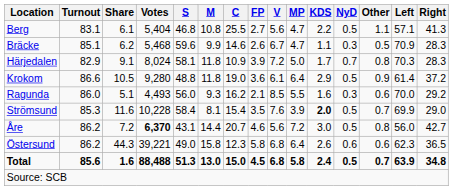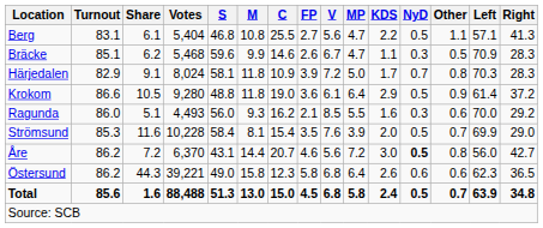 <table class="wikitable sortable" style=text-align:right>
 <tr>
 <th>Location</th>
 <th>Turnout</th>
 <th>Share</th>
 <th>Votes</th>
 <th><a href='#'>S</a></th>
 <th><a href='#'>M</a></th>
 <th><a href='#'>C</a></th>
 <th><a href='#'>FP</a></th>
 <th><a href='#'>V</a></th>
 <th><a href='#'>MP</a></th>
 <th><a href='#'>KDS</a></th>
 <th><a href='#'>NyD</a></th>
 <th>Other</th>
 <th>Left</th>
 <th>Right</th>
 </tr>
 <tr>
 <td align=left><a href='#'>Berg</a></td>
 <td>83.1</td>
 <td>6.1</td>
 <td>5,404</td>
 <td>46.8</td>
 <td>10.8</td>
 <td>25.5</td>
 <td>2.7</td>
 <td>5.6</td>
 <td>4.7</td>
 <td>2.2</td>
 <td>0.5</td>
 <td>1.1</td>
 <td>57.1</td>
 <td>41.3</td>
 </tr>
 <tr>
 <td align=left><a href='#'>Bräcke</a></td>
 <td>85.1</td>
 <td>6.2</td>
 <td>5,468</td>
 <td>59.6</td>
 <td>9.9</td>
 <td>14.6</td>
 <td>2.6</td>
 <td>6.7</td>
 <td>4.7</td>
 <td>1.1</td>
 <td>0.3</td>
 <td>0.5</td>
 <td>70.9</td>
 <td>28.3</td>
 </tr>
 <tr>
 <td align=left><a href='#'>Härjedalen</a></td>
 <td>82.9</td>
 <td>9.1</td>
 <td>8,024</td>
 <td>58.1</td>
 <td>11.8</td>
 <td>10.9</td>
 <td>3.9</td>
 <td>7.2</td>
 <td>5.0</td>
 <td>1.7</td>
 <td>0.7</td>
 <td>0.8</td>
 <td>70.3</td>
 <td>28.3</td>
 </tr>
 <tr>
 <td align=left><a href='#'>Krokom</a></td>
 <td>86.6</td>
 <td>10.5</td>
 <td>9,280</td>
 <td>48.8</td>
 <td>11.8</td>
 <td>19.0</td>
 <td>3.6</td>
 <td>6.1</td>
 <td>6.4</td>
 <td>2.9</td>
 <td>0.5</td>
 <td>0.9</td>
 <td>61.4</td>
 <td>37.2</td>
 </tr>
 <tr>
 <td align=left><a href='#'>Ragunda</a></td>
 <td>86.0</td>
 <td>5.1</td>
 <td>4,493</td>
 <td>56.0</td>
 <td>9.3</td>
 <td>16.2</td>
 <td>2.1</td>
 <td>8.5</td>
 <td>5.5</td>
 <td>1.6</td>
 <td>0.3</td>
 <td>0.6</td>
 <td>70.0</td>
 <td>29.2</td>
 </tr>
 <tr>
 <td align=left><a href='#'>Strömsund</a></td>
 <td>85.3</td>
 <td>11.6</td>
 <td>10,228</td>
 <td>58.4</td>
 <td>8.1</td>
 <td>15.4</td>
 <td>3.5</td>
 <td>7.6</td>
 <td>3.9</td>
-<td><strong>2.0</strong></td>
+<td>2.0</td>
 <td>0.5</td>
 <td>0.7</td>
 <td>69.9</td>
 <td>29.0</td>
 </tr>
 <tr>
 <td align=left><a href='#'>Åre</a></td>
 <td>86.2</td>
 <td>7.2</td>
-<td><strong>6,370</strong></td>
+<td>6,370</td>
 <td>43.1</td>
 <td>14.4</td>
 <td>20.7</td>
 <td>4.6</td>
 <td>5.6</td>
 <td>7.2</td>
 <td>3.0</td>
-<td>0.5</td>
+<td><strong>0.5</strong></td>
 <td>0.8</td>
 <td>56.0</td>
 <td>42.7</td>
 </tr>
 <tr>
 <td align=left><a href='#'>Östersund</a></td>
 <td>86.2</td>
 <td>44.3</td>
 <td>39,221</td>
 <td>49.0</td>
 <td>15.8</td>
 <td>12.3</td>
 <td>5.8</td>
 <td>6.8</td>
 <td>6.4</td>
 <td>2.6</td>
 <td>0.6</td>
 <td>0.6</td>
 <td>62.3</td>
 <td>36.5</td>
 </tr>
 <tr>
 <td align=left><strong>Total</strong></td>
 <td><strong>85.6</strong></td>
 <td><strong>1.6</strong></td>
 <td><strong>88,488</strong></td>
 <td><strong>51.3</strong></td>
 <td><strong>13.0</strong></td>
 <td><strong>15.0</strong></td>
 <td><strong>4.5</strong></td>
 <td><strong>6.8</strong></td>
 <td><strong>5.8</strong></td>
 <td><strong>2.4</strong></td>
 <td><strong>0.5</strong></td>
 <td><strong>0.7</strong></td>
 <td><strong>63.9</strong></td>
 <td><strong>34.8</strong></td>
 </tr>
 <tr>
 <td align=left colspan=15>Source: SCB </td>
 </tr>
 </table>
